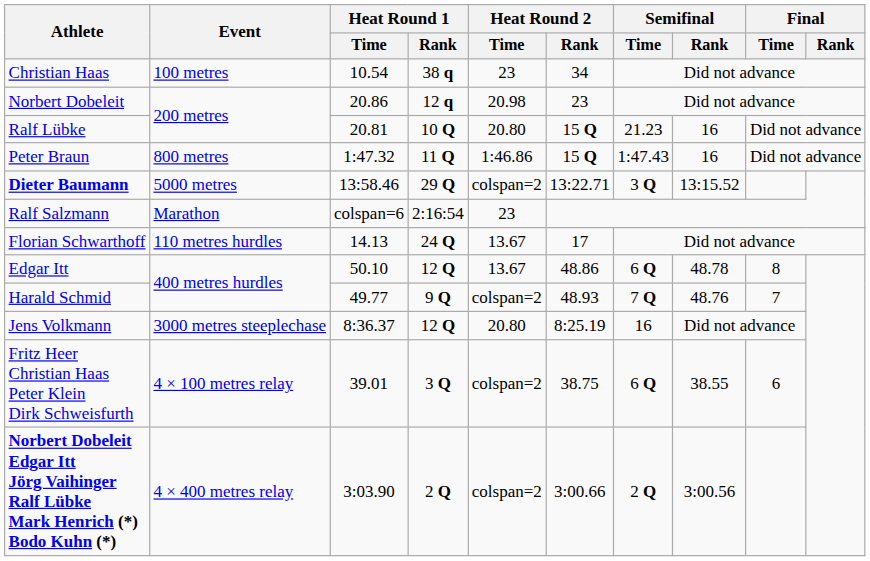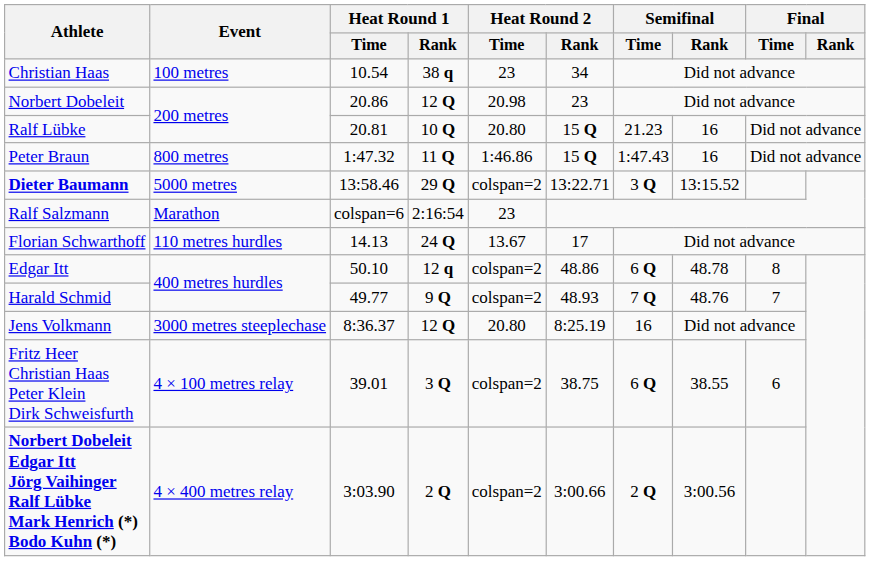 <table class=wikitable style="font-size:90%; text-align:center">
 <tr>
 <th rowspan=2>Athlete</th>
 <th rowspan=2>Event</th>
 <th colspan=2>Heat Round 1</th>
 <th colspan=2>Heat Round 2</th>
 <th colspan=2>Semifinal</th>
 <th colspan=2>Final</th>
 </tr>
 <tr style=font-size:95%>
 <th>Time</th>
 <th>Rank</th>
 <th>Time</th>
 <th>Rank</th>
 <th>Time</th>
 <th>Rank</th>
 <th>Time</th>
 <th>Rank</th>
 </tr>
 <tr align=center>
 <td align=left><a href='#'>Christian Haas</a></td>
 <td align=left><a href='#'>100 metres</a></td>
 <td>10.54</td>
 <td>38 <strong>q</strong></td>
 <td>23</td>
 <td>34</td>
 <td colspan=4>Did not advance</td>
 </tr>
 <tr align=center>
 <td align=left><a href='#'>Norbert Dobeleit</a></td>
 <td align=left rowspan=2><a href='#'>200 metres</a></td>
 <td>20.86</td>
-<td>12 <strong>q</strong></td>
+<td>12 <strong>Q</strong></td>
 <td>20.98</td>
 <td>23</td>
 <td colspan=4>Did not advance</td>
 </tr>
 <tr align=center>
 <td align=left><a href='#'>Ralf Lübke</a></td>
 <td>20.81</td>
 <td>10 <strong>Q</strong></td>
 <td>20.80</td>
 <td>15 <strong>Q</strong></td>
 <td>21.23</td>
 <td>16</td>
 <td colspan=2>Did not advance</td>
 </tr>
 <tr align=center>
 <td align=left><a href='#'>Peter Braun</a></td>
 <td align=left><a href='#'>800 metres</a></td>
 <td>1:47.32</td>
 <td>11 <strong>Q</strong></td>
 <td>1:46.86</td>
 <td>15 <strong>Q</strong></td>
 <td>1:47.43</td>
 <td>16</td>
 <td colspan=2>Did not advance</td>
 </tr>
 <tr align=center>
 <td align=left><strong><a href='#'>Dieter Baumann</a></strong></td>
 <td align=left><a href='#'>5000 metres</a></td>
 <td>13:58.46</td>
 <td>29 <strong>Q</strong></td>
 <td>colspan=2</td>
 <td>13:22.71</td>
 <td>3 <strong>Q</strong></td>
 <td>13:15.52</td>
 <td></td>
 </tr>
 <tr align=center>
 <td align=left><a href='#'>Ralf Salzmann</a></td>
 <td align=left><a href='#'>Marathon</a></td>
 <td>colspan=6</td>
 <td>2:16:54</td>
 <td>23</td>
 </tr>
 <tr align=center>
 <td align=left><a href='#'>Florian Schwarthoff</a></td>
 <td align=left><a href='#'>110 metres hurdles</a></td>
 <td>14.13</td>
 <td>24 <strong>Q</strong></td>
 <td>13.67</td>
 <td>17</td>
 <td colspan=4>Did not advance</td>
 </tr>
 <tr align=center>
 <td align=left><a href='#'>Edgar Itt</a></td>
 <td align=left rowspan=2><a href='#'>400 metres hurdles</a></td>
 <td>50.10</td>
-<td>12 <strong>Q</strong></td>
-<td>13.67</td>
+<td>12 <strong>q</strong></td>
+<td>colspan=2</td>
 <td>48.86</td>
 <td>6 <strong>Q</strong></td>
 <td>48.78</td>
 <td>8</td>
 </tr>
 <tr align=center>
 <td align=left><a href='#'>Harald Schmid</a></td>
 <td>49.77</td>
 <td>9 <strong>Q</strong></td>
 <td>colspan=2</td>
 <td>48.93</td>
 <td>7 <strong>Q</strong></td>
 <td>48.76</td>
 <td>7</td>
 </tr>
 <tr align=centzer>
 <td align=left><a href='#'>Jens Volkmann</a></td>
 <td align=left><a href='#'>3000 metres steeplechase</a></td>
 <td>8:36.37</td>
 <td>12 <strong>Q</strong></td>
 <td>20.80</td>
 <td>8:25.19</td>
 <td>16</td>
 <td colspan=2>Did not advance</td>
 </tr>
 <tr align=center>
 <td align=left><a href='#'>Fritz Heer</a><br><a href='#'>Christian Haas</a><br><a href='#'>Peter Klein</a><br><a href='#'>Dirk Schweisfurth</a></td>
 <td align=left><a href='#'>4 × 100 metres relay</a></td>
 <td>39.01</td>
 <td>3 <strong>Q</strong></td>
 <td>colspan=2</td>
 <td>38.75</td>
 <td>6 <strong>Q</strong></td>
 <td>38.55</td>
 <td>6</td>
 </tr>
 <tr align=center>
 <td align=left><strong><a href='#'>Norbert Dobeleit</a><br><a href='#'>Edgar Itt</a><br><a href='#'>Jörg Vaihinger</a><br><a href='#'>Ralf Lübke</a><br><a href='#'>Mark Henrich</a> (*)<br><a href='#'>Bodo Kuhn</a> (*)</strong></td>
 <td align=left><a href='#'>4 × 400 metres relay</a></td>
 <td>3:03.90</td>
 <td>2 <strong>Q</strong></td>
 <td>colspan=2</td>
 <td>3:00.66</td>
 <td>2 <strong>Q</strong></td>
 <td>3:00.56</td>
 <td></td>
 </tr>
 </table>
